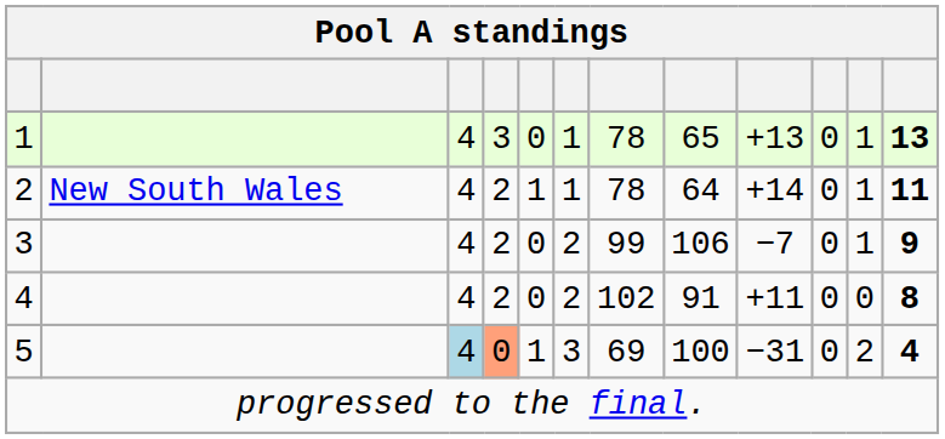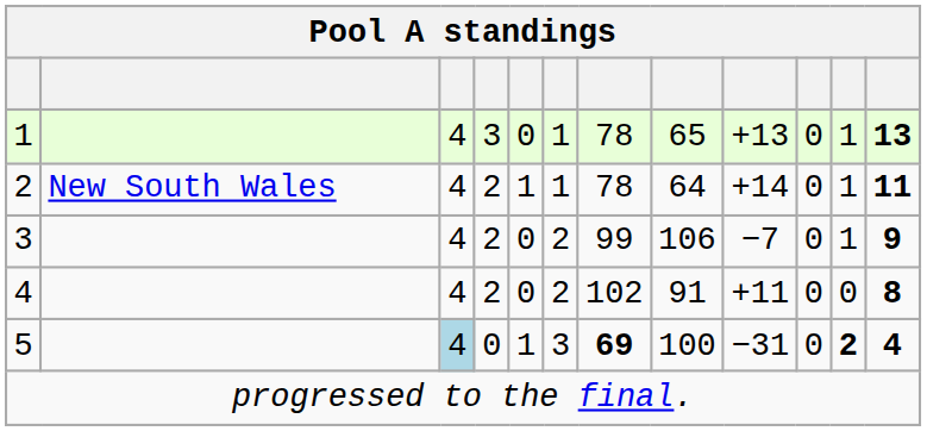 <table class="wikitable" style="text-align:center; font-size:100%;">
 <tr>
 <th colspan="100%" cellpadding="0" cellspacing="0"><strong>Pool A standings</strong></th>
 </tr>
 <tr>
 <th style="padding-right:1px;"></th>
 <th style="width:12em;"></th>
 <th></th>
 <th></th>
 <th></th>
 <th></th>
 <th></th>
 <th></th>
 <th></th>
 <th></th>
 <th></th>
 <th><br></th>
 </tr>
 <tr style="background:#E8FFD8;">
 <td>1</td>
 <td align=left></td>
 <td>4</td>
 <td>3</td>
 <td>0</td>
 <td>1</td>
 <td>78</td>
 <td>65</td>
 <td>+13</td>
 <td>0</td>
 <td>1</td>
 <td><strong>13</strong></td>
 </tr>
 <tr>
 <td>2</td>
 <td align=left> <a href='#'>New South Wales</a></td>
 <td>4</td>
 <td>2</td>
 <td>1</td>
 <td>1</td>
 <td>78</td>
 <td>64</td>
 <td>+14</td>
 <td>0</td>
 <td>1</td>
 <td><strong>11</strong></td>
 </tr>
 <tr>
 <td>3</td>
 <td align=left></td>
 <td>4</td>
 <td>2</td>
 <td>0</td>
 <td>2</td>
 <td>99</td>
 <td>106</td>
 <td>−7</td>
 <td>0</td>
 <td>1</td>
 <td><strong>9</strong></td>
 </tr>
 <tr>
 <td>4</td>
 <td align=left></td>
 <td>4</td>
 <td>2</td>
 <td>0</td>
 <td>2</td>
 <td>102</td>
 <td>91</td>
 <td>+11</td>
 <td>0</td>
 <td>0</td>
 <td><strong>8</strong></td>
 </tr>
 <tr>
 <td>5</td>
 <td align=left></td>
 <td style="background: lightblue;">4</td>
-<td style="background: lightsalmon;">0</td>
+<td>0</td>
 <td>1</td>
 <td>3</td>
-<td>69</td>
+<td><strong>69</strong></td>
 <td>100</td>
 <td>−31</td>
 <td>0</td>
-<td>2</td>
+<td><strong>2</strong></td>
 <td><strong>4</strong></td>
 </tr>
 <tr>
 <td colspan="100%"><em> progressed to the <a href='#'>final</a>.</em></td>
 </tr>
 </table>
